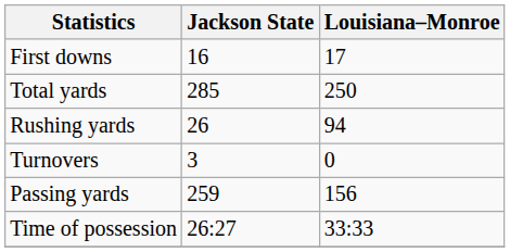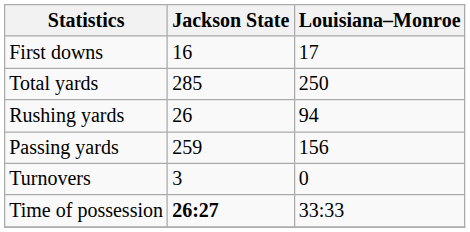 <table class="wikitable">
 <tr>
 <th>Statistics</th>
 <th>Jackson State</th>
 <th>Louisiana–Monroe</th>
 </tr>
 <tr>
 <td>First downs</td>
 <td>16</td>
 <td>17</td>
 </tr>
 <tr>
 <td>Total yards</td>
 <td>285</td>
 <td>250</td>
 </tr>
 <tr>
 <td>Rushing yards</td>
 <td>26</td>
 <td>94</td>
 </tr>
 <tr>
+<td>Passing yards</td>
+<td>259</td>
+<td>156</td>
+</tr>
+<tr>
 <td>Turnovers</td>
 <td>3</td>
 <td>0</td>
 </tr>
 <tr>
-<td>Passing yards</td>
-<td>259</td>
-<td>156</td>
-</tr>
-<tr>
 <td>Time of possession</td>
-<td>26:27</td>
+<td><strong>26:27</strong></td>
 <td>33:33</td>
 </tr>
 <tr>
 </tr>
 </table>
